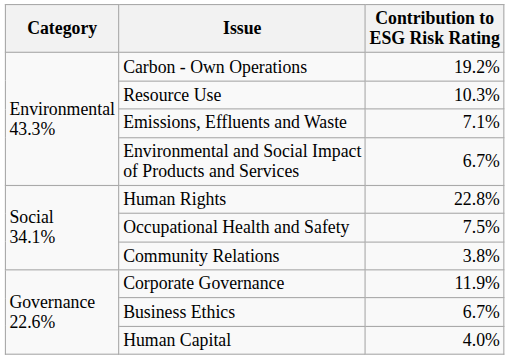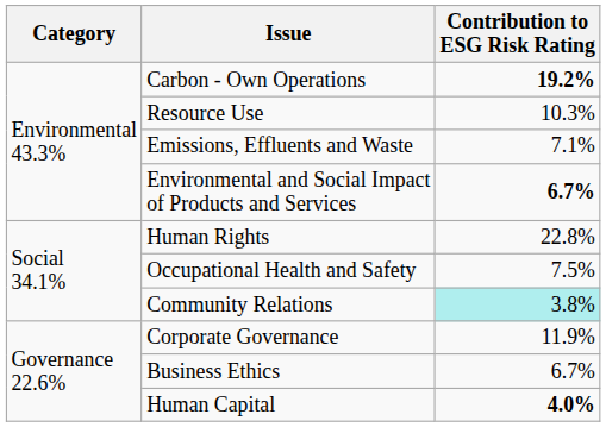 <table class="wikitable" style="margin:1em auto;">
 <tr>
 <th>Category</th>
 <th>Issue</th>
 <th>Contribution to<br>ESG Risk Rating</th>
 </tr>
 <tr>
 <td rowspan="4">Environmental<br>43.3%</td>
 <td>Carbon - Own Operations</td>
-<td align=right>19.2%</td>
+<td align=right><strong>19.2%</strong></td>
 </tr>
 <tr>
 <td>Resource Use</td>
 <td align=right>10.3%</td>
 </tr>
 <tr>
 <td>Emissions, Effluents and Waste</td>
 <td align=right>7.1%</td>
 </tr>
 <tr>
 <td>Environmental and Social Impact<br>of Products and Services</td>
-<td align=right>6.7%</td>
+<td align=right><strong>6.7%</strong></td>
 </tr>
 <tr>
 <td rowspan="3">Social<br>34.1%</td>
 <td>Human Rights</td>
 <td align=right>22.8%</td>
 </tr>
 <tr>
 <td>Occupational Health and Safety</td>
 <td align=right>7.5%</td>
 </tr>
 <tr>
 <td>Community Relations</td>
-<td align=right>3.8%</td>
+<td align=right style="background: paleturquoise;">3.8%</td>
 </tr>
 <tr>
 <td rowspan="3">Governance<br>22.6%</td>
 <td>Corporate Governance</td>
 <td align=right>11.9%</td>
 </tr>
 <tr>
 <td>Business Ethics</td>
 <td align=right>6.7%</td>
 </tr>
 <tr>
 <td>Human Capital</td>
-<td align=right>4.0%</td>
+<td align=right><strong>4.0%</strong></td>
 </tr>
 </table>
